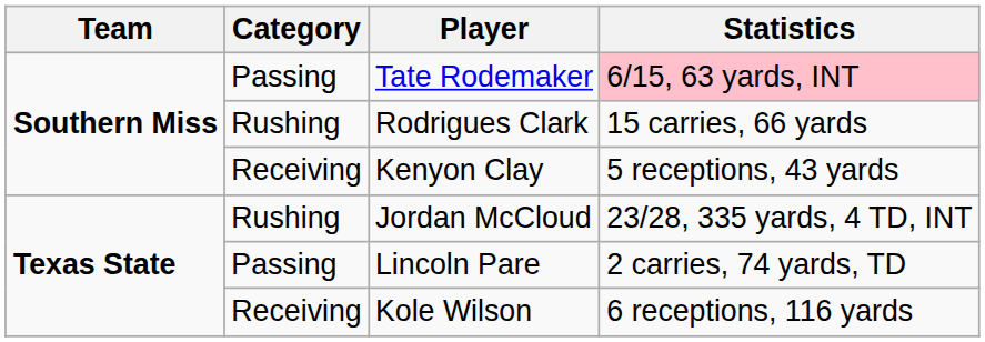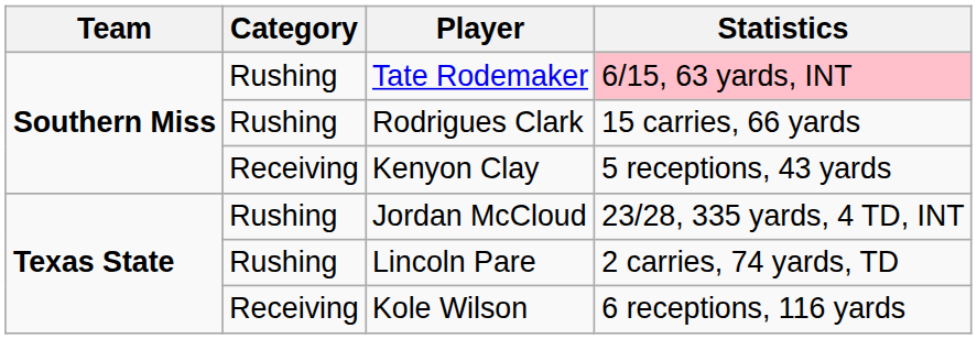 <table class="wikitable" style="float: right;">
 <tr>
 <th>Team</th>
 <th>Category</th>
 <th>Player</th>
 <th>Statistics</th>
 </tr>
 <tr>
 <td rowspan=3><strong>Southern Miss</strong></td>
-<td>Passing</td>
+<td>Rushing</td>
 <td><a href='#'>Tate Rodemaker</a></td>
 <td style="background: pink;">6/15, 63 yards, INT</td>
 </tr>
 <tr>
 <td>Rushing</td>
 <td>Rodrigues Clark</td>
 <td>15 carries, 66 yards</td>
 </tr>
 <tr>
 <td>Receiving</td>
 <td>Kenyon Clay</td>
 <td>5 receptions, 43 yards</td>
 </tr>
 <tr>
 <td rowspan=3><strong>Texas State</strong></td>
 <td>Rushing</td>
 <td>Jordan McCloud</td>
 <td>23/28, 335 yards, 4 TD, INT</td>
 </tr>
 <tr>
-<td>Passing</td>
+<td>Rushing</td>
 <td>Lincoln Pare</td>
 <td>2 carries, 74 yards, TD</td>
 </tr>
 <tr>
 <td>Receiving</td>
 <td>Kole Wilson</td>
 <td>6 receptions, 116 yards</td>
 </tr>
 </table>
